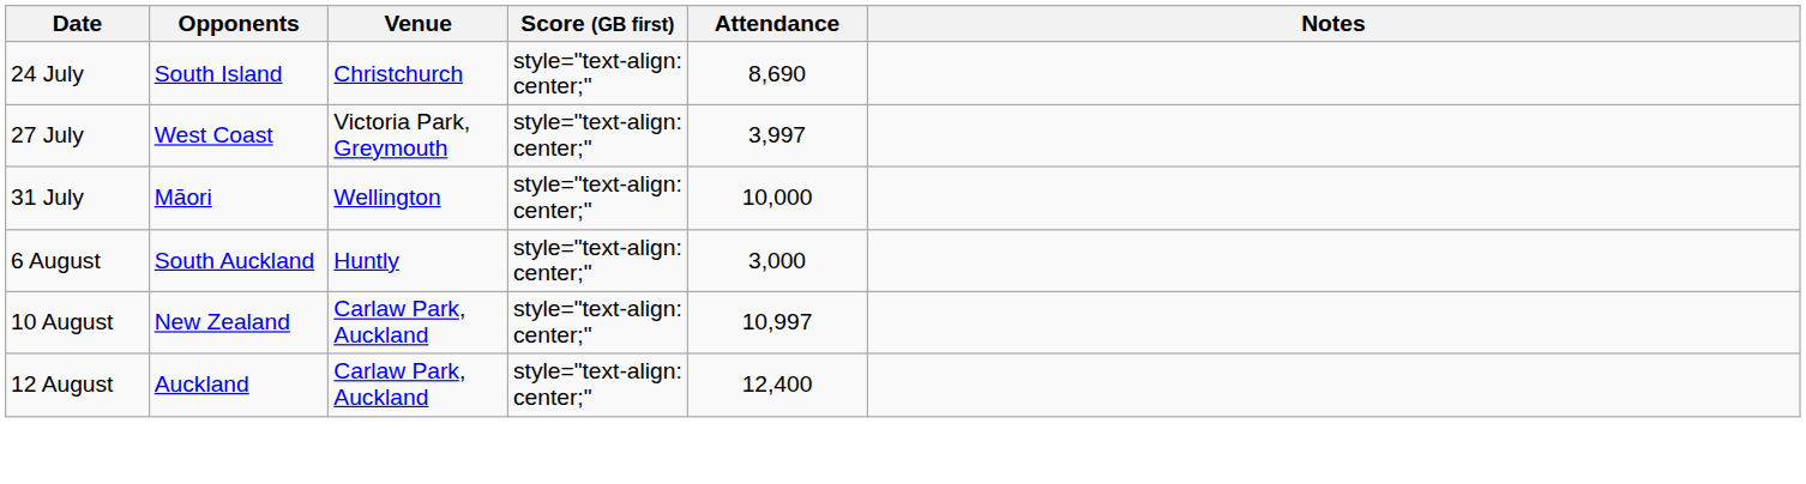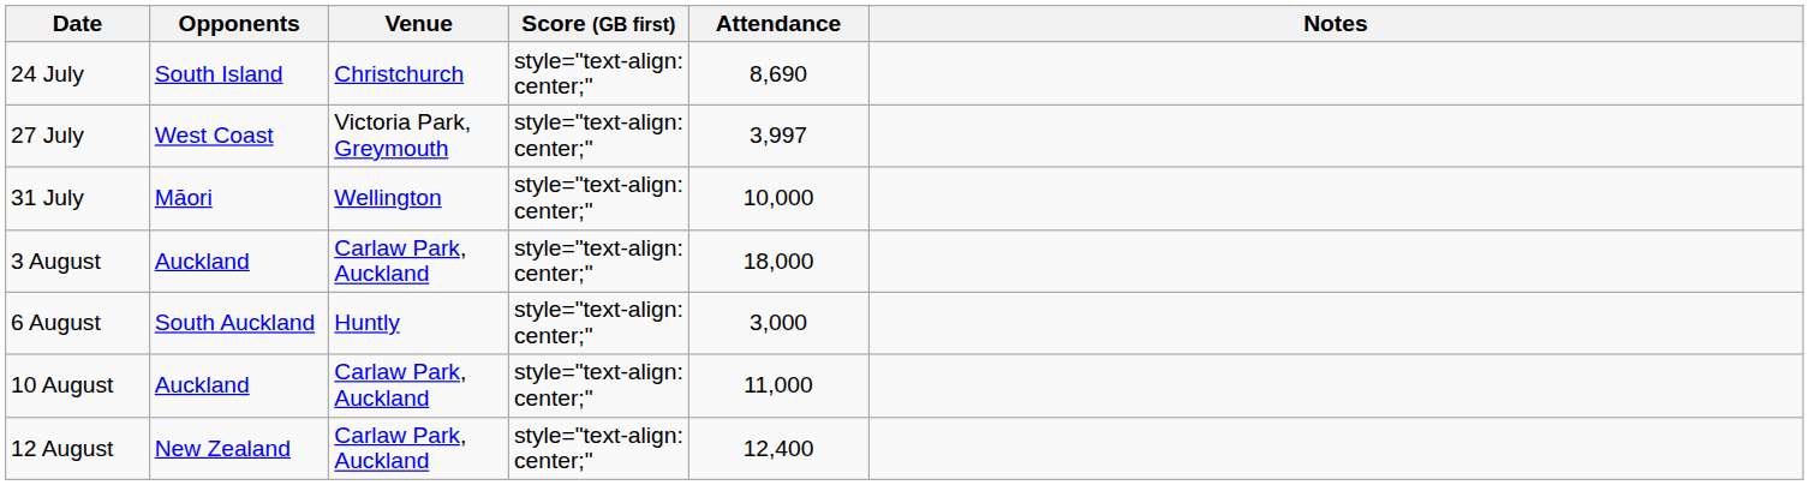 <table class="wikitable">
 <tr>
 <th style="width: 8%;">Date</th>
 <th style="width: 10%;">Opponents</th>
 <th style="width: 10%;">Venue</th>
 <th style="width: 10%;">Score <small>(GB first)</small></th>
 <th style="width: 10%;">Attendance</th>
 <th style="width: 52%;">Notes</th>
 </tr>
 <tr>
 <td>24 July</td>
 <td><a href='#'>South Island</a></td>
 <td><a href='#'>Christchurch</a></td>
 <td>style="text-align: center;"  </td>
 <td style="text-align: center;">8,690</td>
 <td></td>
 </tr>
 <tr>
 <td>27 July</td>
 <td><a href='#'>West Coast</a></td>
 <td>Victoria Park, <a href='#'>Greymouth</a></td>
 <td>style="text-align: center;"  </td>
 <td style="text-align: center;">3,997</td>
 <td></td>
 </tr>
 <tr>
 <td>31 July</td>
 <td><a href='#'>Māori</a></td>
 <td><a href='#'>Wellington</a></td>
 <td>style="text-align: center;"  </td>
 <td style="text-align: center;">10,000</td>
 <td></td>
 </tr>
 <tr>
+<td>3 August</td>
+<td><a href='#'>Auckland</a></td>
+<td><a href='#'>Carlaw Park</a>, <a href='#'>Auckland</a></td>
+<td>style="text-align: center;"  </td>
+<td style="text-align: center;">18,000</td>
+<td></td>
+</tr>
+<tr>
 <td>6 August</td>
 <td><a href='#'>South Auckland</a></td>
 <td><a href='#'>Huntly</a></td>
 <td>style="text-align: center;"  </td>
 <td style="text-align: center;">3,000</td>
 <td></td>
 </tr>
 <tr>
 <td>10 August</td>
-<td><a href='#'>New Zealand</a></td>
+<td><a href='#'>Auckland</a></td>
 <td><a href='#'>Carlaw Park</a>, <a href='#'>Auckland</a></td>
 <td>style="text-align: center;"  </td>
-<td style="text-align: center;">10,997</td>
+<td style="text-align: center;">11,000</td>
 <td></td>
 </tr>
 <tr>
 <td>12 August</td>
-<td><a href='#'>Auckland</a></td>
+<td><a href='#'>New Zealand</a></td>
 <td><a href='#'>Carlaw Park</a>, <a href='#'>Auckland</a></td>
 <td>style="text-align: center;"  </td>
 <td style="text-align: center;">12,400</td>
 <td></td>
 </tr>
 </table>
